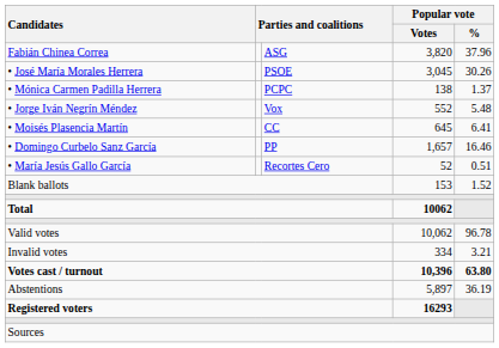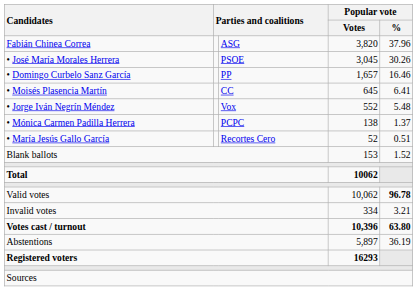 <table class="wikitable" style="text-align:right; font-size:95%;">
 <tr>
 <th style="text-align:left;" rowspan="2" width="325">Candidates</th>
 <th style="text-align:left;" rowspan="2" colspan="2" width="175">Parties and coalitions</th>
 <th colspan="2">Popular vote</th>
 </tr>
 <tr>
 <th width="75">Votes</th>
 <th width="45">%</th>
 </tr>
 <tr>
 <td align="left"> <a href='#'>Fabián Chinea Correa</a></td>
 <td width="1" style="color:inherit;background:"></td>
 <td align="left"><a href='#'>ASG</a></td>
 <td>3,820</td>
 <td>37.96</td>
 </tr>
 <tr>
 <td align="left">• <a href='#'>José María Morales Herrera</a></td>
 <td width="1" style="color:inherit;background:"></td>
 <td align="left"><a href='#'>PSOE</a></td>
 <td>3,045</td>
 <td>30.26</td>
 </tr>
 <tr>
-<td align="left">• <a href='#'>Mónica Carmen Padilla Herrera</a></td>
+<td align="left">• <a href='#'>Domingo Curbelo Sanz García</a></td>
 <td width="1" style="color:inherit;background:"></td>
-<td align="left"><a href='#'>PCPC</a></td>
-<td>138</td>
-<td>1.37</td>
+<td align="left"><a href='#'>PP</a></td>
+<td>1,657</td>
+<td>16.46</td>
+</tr>
+<tr>
+<td align="left">• <a href='#'>Moisés Plasencia Martín</a></td>
+<td width="1" style="color:inherit;background:"></td>
+<td align="left"><a href='#'>CC</a></td>
+<td>645</td>
+<td>6.41</td>
 </tr>
 <tr>
 <td align="left">• <a href='#'>Jorge Iván Negrín Méndez</a></td>
 <td width="1" style="color:inherit;background:"></td>
 <td align="left"><a href='#'>Vox</a></td>
 <td>552</td>
 <td>5.48</td>
 </tr>
 <tr>
-<td align="left">• <a href='#'>Moisés Plasencia Martín</a></td>
+<td align="left">• <a href='#'>Mónica Carmen Padilla Herrera</a></td>
 <td width="1" style="color:inherit;background:"></td>
-<td align="left"><a href='#'>CC</a></td>
-<td>645</td>
-<td>6.41</td>
-</tr>
-<tr>
-<td align="left">• <a href='#'>Domingo Curbelo Sanz García</a></td>
-<td width="1" style="color:inherit;background:"></td>
-<td align="left"><a href='#'>PP</a></td>
-<td>1,657</td>
-<td>16.46</td>
+<td align="left"><a href='#'>PCPC</a></td>
+<td>138</td>
+<td>1.37</td>
 </tr>
 <tr>
 <td align="left">• <a href='#'>María Jesús Gallo García</a></td>
 <td width="1" style="color:inherit;background:"></td>
 <td align="left"><a href='#'>Recortes Cero</a></td>
 <td>52</td>
 <td>0.51</td>
 </tr>
 <tr>
 <td align="left" colspan="3">Blank ballots</td>
 <td>153</td>
 <td>1.52</td>
 </tr>
 <tr>
 <td colspan="5" bgcolor="#E9E9E9"></td>
 </tr>
 <tr style="font-weight:bold;">
 <td align="left" colspan="3">Total</td>
 <td>10062</td>
 <td bgcolor="#E9E9E9"></td>
 </tr>
 <tr>
 <td colspan="5" bgcolor="#E9E9E9"></td>
 </tr>
 <tr>
 <td align="left" colspan="3">Valid votes</td>
 <td>10,062</td>
-<td>96.78</td>
+<td><strong>96.78</strong></td>
 </tr>
 <tr>
 <td align="left" colspan="3">Invalid votes</td>
 <td>334</td>
 <td>3.21</td>
 </tr>
 <tr style="font-weight:bold;">
 <td align="left" colspan="3">Votes cast / turnout</td>
 <td>10,396</td>
 <td>63.80</td>
 </tr>
 <tr>
 <td align="left" colspan="3">Abstentions</td>
 <td>5,897</td>
 <td>36.19</td>
 </tr>
 <tr style="font-weight:bold;">
 <td align="left" colspan="3">Registered voters</td>
 <td>16293</td>
 <td bgcolor="#E9E9E9"></td>
 </tr>
 <tr>
 <td colspan="5" bgcolor="#E9E9E9"></td>
 </tr>
 <tr>
 <td align="left" colspan="5">Sources</td>
 </tr>
 </table>
